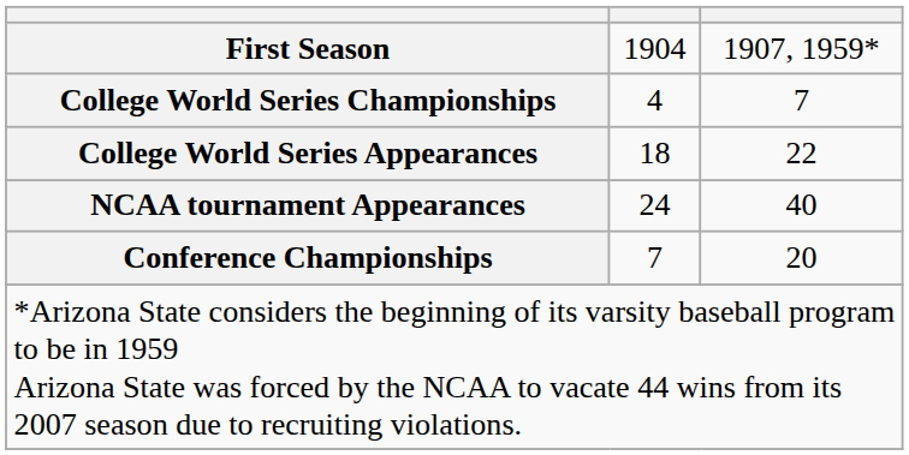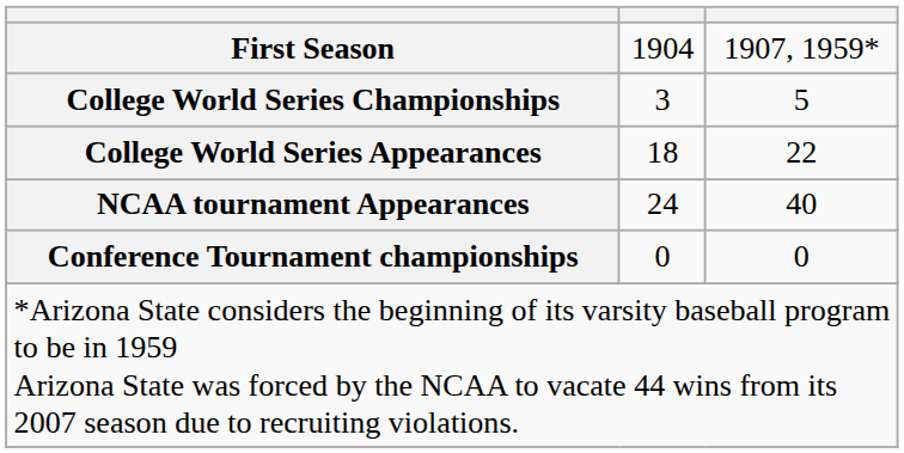 <table class="wikitable" style="float:right; clear:right; margin-left:1em; font-size:88%;">
 <tr>
 <th></th>
 <th><a href='#'></a></th>
 <th><a href='#'></a></th>
 </tr>
 <tr>
 <th scope="row">First Season</th>
 <td align="center">1904</td>
 <td align="center">1907, 1959*</td>
 </tr>
 <tr>
 <th scope="row">College World Series Championships</th>
-<td align="center">4</td>
-<td align="center">7</td>
+<td align="center">3</td>
+<td align="center">5</td>
 </tr>
 <tr>
 <th scope="row">College World Series Appearances</th>
 <td align="center">18</td>
 <td align="center">22</td>
 </tr>
 <tr>
 <th scope="row">NCAA tournament Appearances</th>
 <td align="center">24</td>
 <td align="center">40</td>
 </tr>
 <tr>
-<th scope="row">Conference Championships</th>
-<td align="center">7</td>
-<td align="center">20</td>
+<th scope="row">Conference Tournament championships</th>
+<td align="center">0</td>
+<td align="center">0</td>
 </tr>
 <tr>
 <td colspan="3">*Arizona State considers the beginning of its varsity baseball program <br> to be in 1959<br>Arizona State was forced by the NCAA to vacate 44 wins from its <br> 2007 season due to recruiting violations.</td>
 </tr>
 </table>
